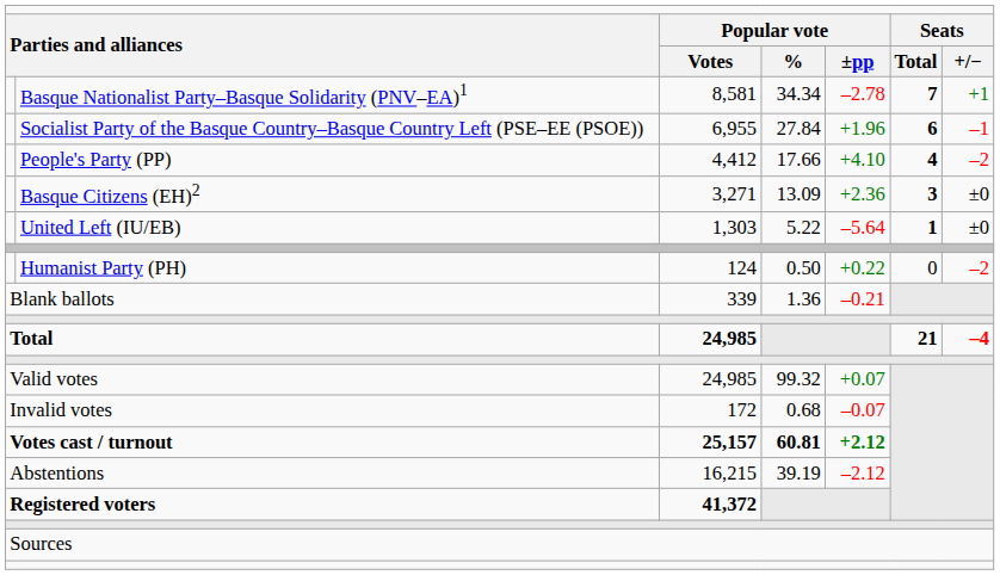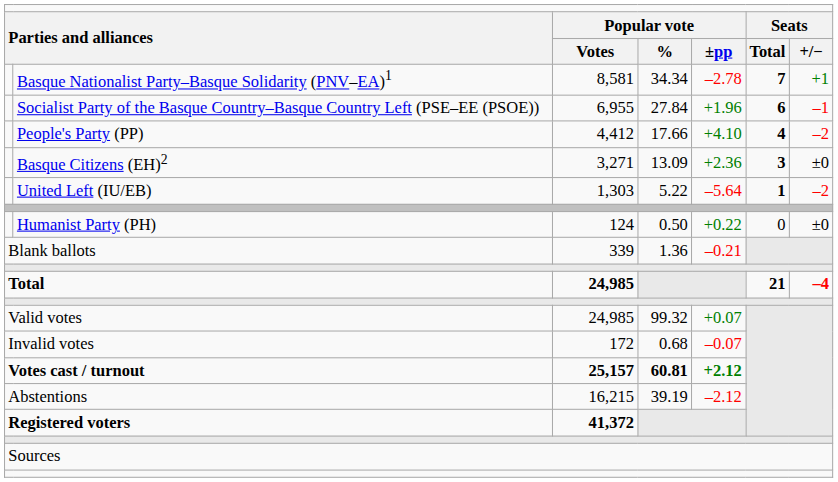 <table class="wikitable" style="text-align:right;">
 <tr>
 <td colspan="7"></td>
 </tr>
 <tr>
 <th style="text-align:left;" rowspan="2" colspan="2" width="525">Parties and alliances</th>
 <th colspan="3">Popular vote</th>
 <th colspan="2">Seats</th>
 </tr>
 <tr>
 <th width="75">Votes</th>
 <th width="45">%</th>
 <th width="45">±<a href='#'>pp</a></th>
 <th width="35">Total</th>
 <th width="35">+/−</th>
 </tr>
 <tr>
 <td width="1" style="color:inherit;background:"></td>
 <td align="left"><a href='#'>Basque Nationalist Party–Basque Solidarity</a> (<a href='#'>PNV</a>–<a href='#'>EA</a>)<sup>1</sup></td>
 <td>8,581</td>
 <td>34.34</td>
 <td style="color:red;">–2.78</td>
 <td><strong>7</strong></td>
 <td style="color:green;">+1</td>
 </tr>
 <tr>
 <td style="color:inherit;background:"></td>
 <td align="left"><a href='#'>Socialist Party of the Basque Country–Basque Country Left</a> (PSE–EE (PSOE))</td>
 <td>6,955</td>
 <td>27.84</td>
 <td style="color:green;">+1.96</td>
 <td><strong>6</strong></td>
 <td style="color:red;">–1</td>
 </tr>
 <tr>
 <td style="color:inherit;background:"></td>
 <td align="left"><a href='#'>People's Party</a> (PP)</td>
 <td>4,412</td>
 <td>17.66</td>
 <td style="color:green;">+4.10</td>
 <td><strong>4</strong></td>
 <td style="color:red;">–2</td>
 </tr>
 <tr>
 <td style="color:inherit;background:"></td>
 <td align="left"><a href='#'>Basque Citizens</a> (EH)<sup>2</sup></td>
 <td>3,271</td>
 <td>13.09</td>
 <td style="color:green;">+2.36</td>
 <td><strong>3</strong></td>
 <td>±0</td>
 </tr>
 <tr>
 <td style="color:inherit;background:"></td>
 <td align="left"><a href='#'>United Left</a> (IU/EB)</td>
 <td>1,303</td>
 <td>5.22</td>
 <td style="color:red;">–5.64</td>
 <td><strong>1</strong></td>
-<td>±0</td>
+<td style="color:red;">–2</td>
 </tr>
 <tr>
 <td colspan="7" style="color:inherit;background:#C0C0C0"></td>
 </tr>
 <tr>
 <td style="color:inherit;background:"></td>
 <td align="left"><a href='#'>Humanist Party</a> (PH)</td>
 <td>124</td>
 <td>0.50</td>
 <td style="color:green;">+0.22</td>
 <td>0</td>
-<td style="color:red;">–2</td>
+<td>±0</td>
 </tr>
 <tr>
 <td align="left" colspan="2">Blank ballots</td>
 <td>339</td>
 <td>1.36</td>
 <td style="color:red;">–0.21</td>
 <td style="color:inherit;background:#E9E9E9" colspan="2"></td>
 </tr>
 <tr>
 <td colspan="7" style="color:inherit;background:#E9E9E9"></td>
 </tr>
 <tr style="font-weight:bold;">
 <td align="left" colspan="2">Total</td>
 <td>24,985</td>
 <td bgcolor="#E9E9E9" colspan="2"></td>
 <td>21</td>
 <td style="color:red;">–4</td>
 </tr>
 <tr>
 <td colspan="7" style="color:inherit;background:#E9E9E9"></td>
 </tr>
 <tr>
 <td align="left" colspan="2">Valid votes</td>
 <td>24,985</td>
 <td>99.32</td>
 <td style="color:green;">+0.07</td>
 <td bgcolor="#E9E9E9" colspan="2" rowspan="5"></td>
 </tr>
 <tr>
 <td align="left" colspan="2">Invalid votes</td>
 <td>172</td>
 <td>0.68</td>
 <td style="color:red;">–0.07</td>
 </tr>
 <tr style="font-weight:bold;">
 <td align="left" colspan="2">Votes cast / turnout</td>
 <td>25,157</td>
 <td>60.81</td>
 <td style="color:green;">+2.12</td>
 </tr>
 <tr>
 <td align="left" colspan="2">Abstentions</td>
 <td>16,215</td>
 <td>39.19</td>
 <td style="color:red;">–2.12</td>
 </tr>
 <tr style="font-weight:bold;">
 <td align="left" colspan="2">Registered voters</td>
 <td>41,372</td>
 <td bgcolor="#E9E9E9" colspan="2"></td>
 </tr>
 <tr>
 <td colspan="7" style="color:inherit;background:#E9E9E9"></td>
 </tr>
 <tr>
 <td align="left" colspan="7">Sources</td>
 </tr>
 <tr>
 <td colspan="7" style="text-align:left; max-width:790px;"></td>
 </tr>
 </table>
